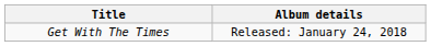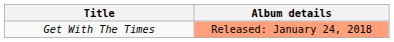 <table class="wikitable plainrowheaders" style="text-align:center;">
 <tr>
 <th scope="col" style="width:18em;">Title</th>
 <th scope="col" style="width:18.5em;">Album details</th>
 </tr>
 <tr>
 <td><em>Get With The Times</em></td>
-<td>Released: January 24, 2018</td>
+<td style="background: lightsalmon;">Released: January 24, 2018</td>
 </tr>
 </table>
